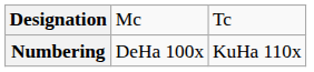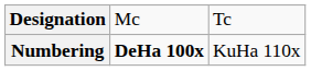 <table class="wikitable">
 <tr>
 <th>Designation</th>
 <td>Mc</td>
 <td>Tc</td>
 </tr>
 <tr>
 <th>Numbering</th>
-<td>DeHa 100x</td>
+<td><strong>DeHa 100x</strong></td>
 <td>KuHa 110x</td>
 </tr>
 </table>
